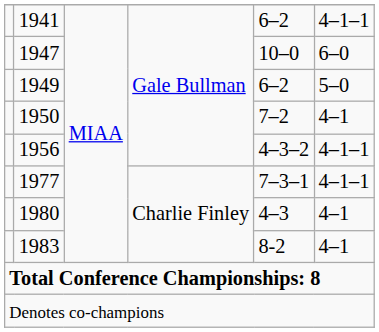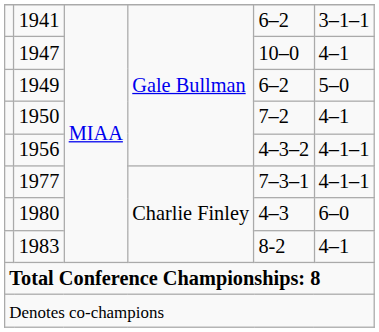 <table class="wikitable" width=>
 <tr>
 </tr>
 <tr>
 <td></td>
 <td>1941</td>
 <td rowspan="8"><a href='#'>MIAA</a></td>
 <td rowspan="5"><a href='#'>Gale Bullman</a></td>
 <td>6–2</td>
-<td>4–1–1</td>
+<td>3–1–1</td>
 </tr>
 <tr>
 <td></td>
 <td>1947</td>
 <td>10–0</td>
-<td>6–0</td>
+<td>4–1</td>
 </tr>
 <tr>
 <td></td>
 <td>1949</td>
 <td>6–2</td>
 <td>5–0</td>
 </tr>
 <tr>
 <td></td>
 <td>1950</td>
 <td>7–2</td>
 <td>4–1</td>
 </tr>
 <tr>
 <td></td>
 <td>1956</td>
 <td>4–3–2</td>
 <td>4–1–1</td>
 </tr>
 <tr>
 <td></td>
 <td>1977</td>
 <td rowspan="3">Charlie Finley</td>
 <td>7–3–1</td>
 <td>4–1–1</td>
 </tr>
 <tr>
 <td></td>
 <td>1980</td>
 <td>4–3</td>
-<td>4–1</td>
+<td>6–0</td>
 </tr>
 <tr>
 <td></td>
 <td>1983</td>
 <td>8-2</td>
 <td>4–1</td>
 </tr>
 <tr>
 <td colspan=6><strong>Total Conference Championships: 8</strong></td>
 </tr>
 <tr>
 <td colspan=7><small> Denotes co-champions</small></td>
 </tr>
 </table>
